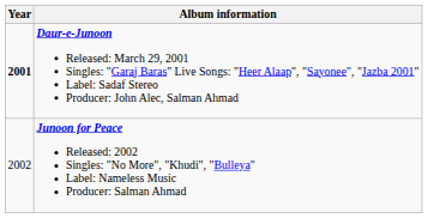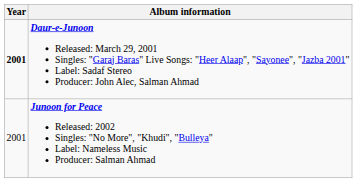 <table class="wikitable">
 <tr>
 <th>Year</th>
 <th>Album information</th>
 </tr>
 <tr>
 <td><strong>2001</strong></td>
 <td><strong><em><a href='#'>Daur-e-Junoon</a></em></strong><br><ul><li>Released: March 29, 2001</li><li>Singles: "<a href='#'>Garaj Baras</a>"  Live Songs: "<a href='#'>Heer Alaap</a>", "<a href='#'>Sayonee</a>", "<a href='#'>Jazba 2001</a>"</li><li>Label: Sadaf Stereo</li><li>Producer: John Alec, Salman Ahmad</li></ul></td>
 </tr>
 <tr>
-<td>2002</td>
+<td>2001</td>
 <td><strong><em><a href='#'>Junoon for Peace</a></em></strong><br><ul><li>Released: 2002</li><li>Singles: "No More", "Khudi", "<a href='#'>Bulleya</a>"</li><li>Label: Nameless Music</li><li>Producer: Salman Ahmad</li></ul></td>
 </tr>
 </table>
